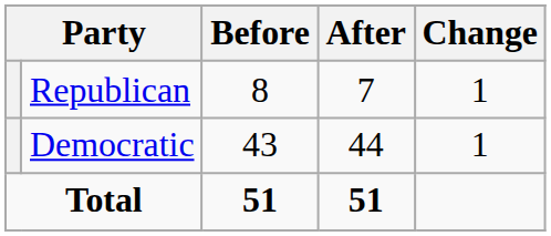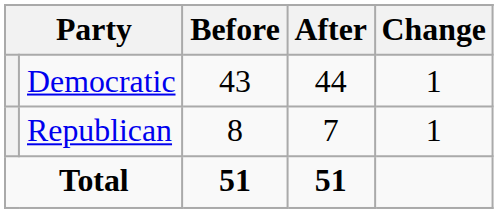 <table class="wikitable" style="text-align:center;">
 <tr>
 </tr>
 <tr>
 <th colspan=2>Party</th>
 <th>Before</th>
 <th>After</th>
 <th>Change</th>
 </tr>
 <tr>
 <th style="background-color:"></th>
-<td style="text-align:left;"><a href='#'>Republican</a></td>
-<td>8</td>
-<td>7</td>
+<td style="text-align:left;"><a href='#'>Democratic</a></td>
+<td>43</td>
+<td>44</td>
 <td> 1</td>
 </tr>
 <tr>
 <th style="background-color:"></th>
-<td style="text-align:left;"><a href='#'>Democratic</a></td>
-<td>43</td>
-<td>44</td>
+<td style="text-align:left;"><a href='#'>Republican</a></td>
+<td>8</td>
+<td>7</td>
 <td> 1</td>
 </tr>
 <tr>
 <td colspan=2><strong>Total</strong></td>
 <td><strong>51</strong></td>
 <td><strong>51</strong></td>
 <td></td>
 </tr>
 </table>
